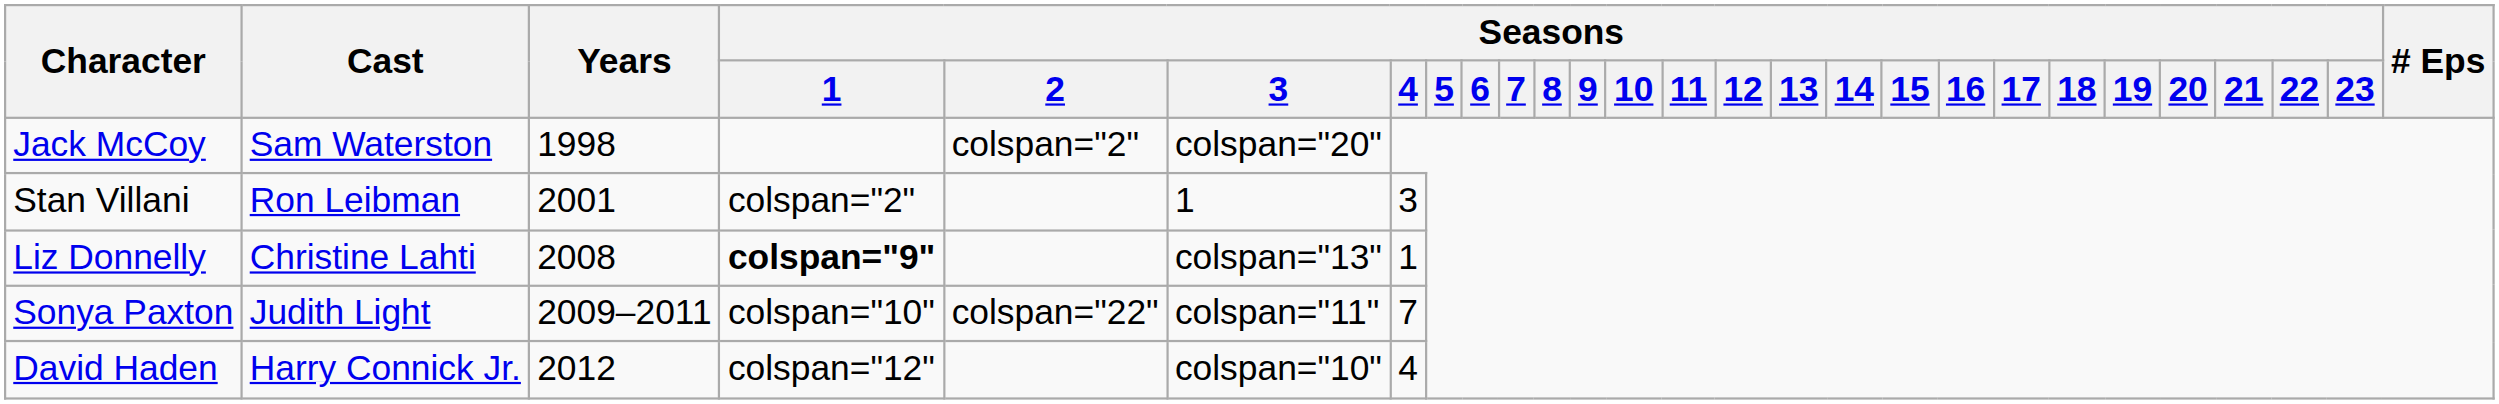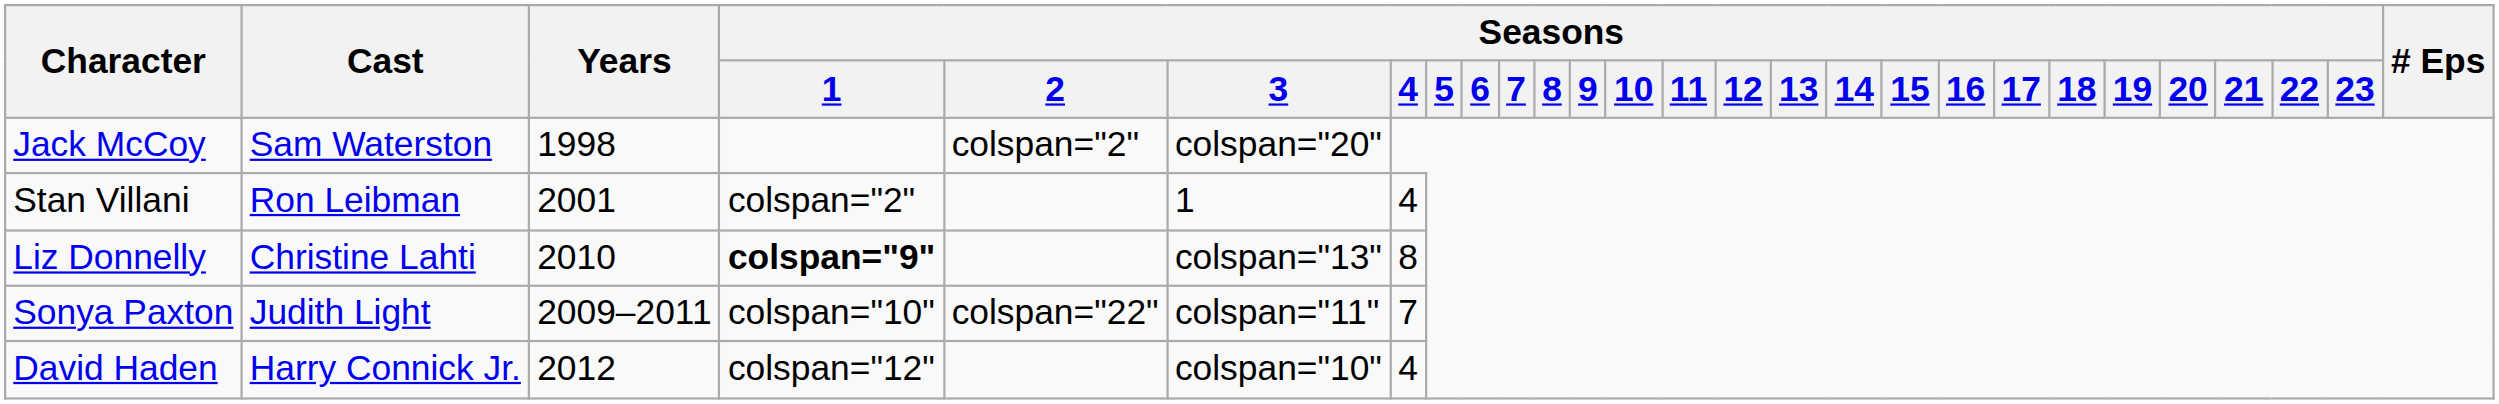 <table class="wikitable">
 <tr>
 <th rowspan="2">Character</th>
 <th rowspan="2">Cast</th>
 <th rowspan="2">Years</th>
 <th colspan="23">Seasons</th>
 <th rowspan="2"># Eps</th>
 </tr>
 <tr>
 <th><a href='#'>1</a></th>
 <th><a href='#'>2</a></th>
 <th><a href='#'>3</a></th>
 <th><a href='#'>4</a></th>
 <th><a href='#'>5</a></th>
 <th><a href='#'>6</a></th>
 <th><a href='#'>7</a></th>
 <th><a href='#'>8</a></th>
 <th><a href='#'>9</a></th>
 <th><a href='#'>10</a></th>
 <th><a href='#'>11</a></th>
 <th><a href='#'>12</a></th>
 <th><a href='#'>13</a></th>
 <th><a href='#'>14</a></th>
 <th><a href='#'>15</a></th>
 <th><a href='#'>16</a></th>
 <th><a href='#'>17</a></th>
 <th><a href='#'>18</a></th>
 <th><a href='#'>19</a></th>
 <th><a href='#'>20</a></th>
 <th><a href='#'>21</a></th>
 <th><a href='#'>22</a></th>
 <th><a href='#'>23</a></th>
 </tr>
 <tr>
 <td><a href='#'>Jack McCoy</a></td>
 <td><a href='#'>Sam Waterston</a></td>
 <td>1998</td>
 <td></td>
 <td>colspan="2" </td>
 <td>colspan="20" </td>
 </tr>
 <tr>
 <td>Stan Villani</td>
 <td><a href='#'>Ron Leibman</a></td>
 <td>2001</td>
 <td>colspan="2" </td>
 <td></td>
 <td>1</td>
-<td>3</td>
+<td>4</td>
 </tr>
 <tr>
 <td><a href='#'>Liz Donnelly</a></td>
 <td><a href='#'>Christine Lahti</a></td>
-<td>2008</td>
+<td>2010</td>
 <td><strong>colspan="9" </strong></td>
 <td></td>
 <td>colspan="13" </td>
-<td>1</td>
+<td>8</td>
 </tr>
 <tr>
 <td><a href='#'>Sonya Paxton</a></td>
 <td><a href='#'>Judith Light</a></td>
 <td>2009–2011</td>
 <td>colspan="10" </td>
 <td>colspan="22" </td>
 <td>colspan="11" </td>
 <td>7</td>
 </tr>
 <tr>
 <td><a href='#'>David Haden</a></td>
 <td><a href='#'>Harry Connick Jr.</a></td>
 <td>2012</td>
 <td>colspan="12" </td>
 <td></td>
 <td>colspan="10" </td>
 <td>4</td>
 </tr>
 </table>
